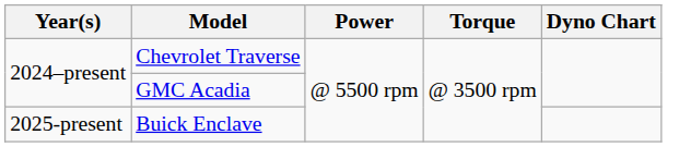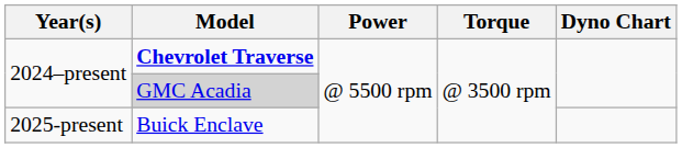 <table class="wikitable">
 <tr>
 <th scope="col">Year(s)</th>
 <th scope="col">Model</th>
 <th scope="col">Power</th>
 <th scope="col">Torque</th>
 <th scope="col">Dyno Chart</th>
 </tr>
 <tr>
 <td rowspan="2">2024–present</td>
-<td><a href='#'>Chevrolet Traverse</a></td>
+<td><strong><a href='#'>Chevrolet Traverse</a></strong></td>
 <td rowspan="3"> @ 5500 rpm</td>
 <td rowspan="3"> @ 3500 rpm</td>
 <td rowspan="2"></td>
 </tr>
 <tr>
-<td><a href='#'>GMC Acadia</a></td>
+<td style="background: lightgrey;"><a href='#'>GMC Acadia</a></td>
 </tr>
 <tr>
 <td rowspan="3">2025-present</td>
 <td><a href='#'>Buick Enclave</a></td>
 </tr>
 </table>
